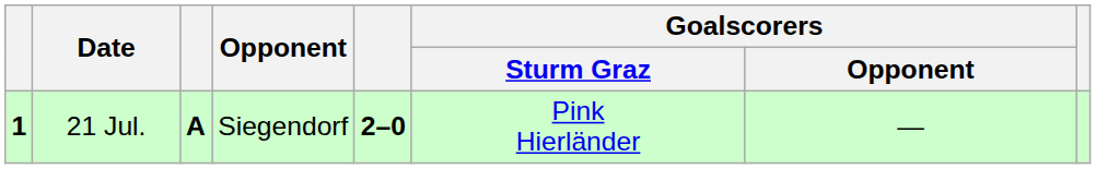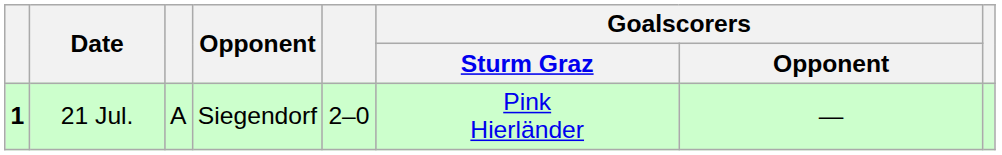 <table class="wikitable" Style="text-align: center">
 <tr>
 <th rowspan="2"></th>
 <th rowspan="2" style="width:80px">Date</th>
 <th rowspan="2"></th>
 <th rowspan="2">Opponent</th>
 <th rowspan="2"><br></th>
 <th colspan="2">Goalscorers</th>
 <th rowspan="2"></th>
 </tr>
 <tr>
 <th style="width:190px"><a href='#'>Sturm Graz</a></th>
 <th style="width:190px">Opponent</th>
 </tr>
 <tr style="background:#cfc">
 <td><strong>1</strong></td>
 <td>21 Jul.</td>
-<td><strong>A</strong></td>
+<td>A</td>
 <td>Siegendorf</td>
-<td><strong>2–0</strong></td>
+<td>2–0</td>
 <td><a href='#'>Pink</a> <br><a href='#'>Hierländer</a> </td>
 <td>—</td>
 <td></td>
 </tr>
 </table>
